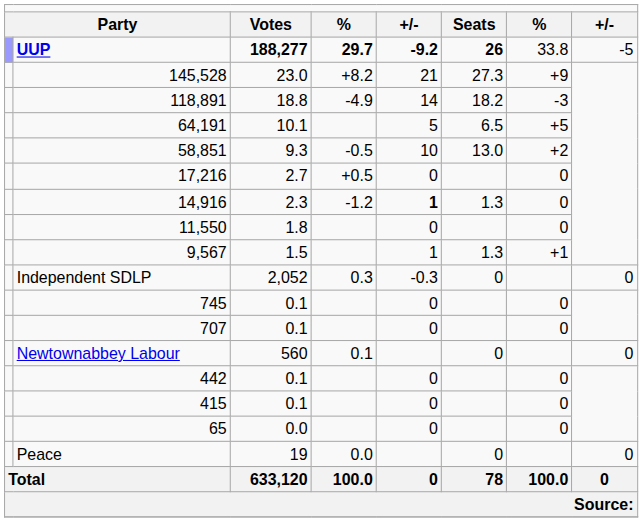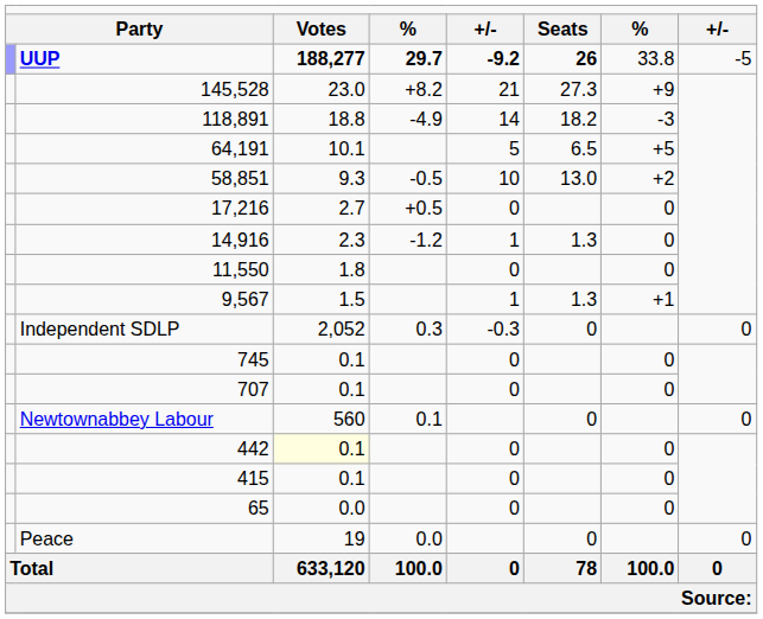 <table class="wikitable" style="font-size:95%;">
 <tr>
 <td colspan=10></td>
 </tr>
 <tr>
 <th style="width:180px;" colspan="2">Party</th>
 <th style="width:70px;">Votes</th>
 <th style="width:55px;">%</th>
 <th style="width:55px;">+/-</th>
 <th style="width:55px;">Seats</th>
 <th style="width:55px;">%</th>
 <th style="width:55px;">+/-</th>
 </tr>
 <tr>
 <td width="1" bgcolor=9999FF></td>
 <th style="text-align:left; font-weight:normal; background:#F9F9F9" colspan="1" width="200"><strong><a href='#'>UUP</a></strong></th>
 <td style="text-align:right;"><strong>188,277</strong></td>
 <td style="text-align:right;"><strong>29.7</strong></td>
 <td style="text-align:right;"><strong>-9.2</strong></td>
 <td style="text-align:right;"><strong>26</strong></td>
 <td style="text-align:right;">33.8</td>
 <td style="text-align:right;">-5</td>
 </tr>
 <tr>
 <td></td>
 <td style="text-align:right;">145,528</td>
 <td style="text-align:right;">23.0</td>
 <td style="text-align:right;">+8.2</td>
 <td style="text-align:right;">21</td>
 <td style="text-align:right;">27.3</td>
 <td style="text-align:right;">+9</td>
 </tr>
 <tr>
 <td></td>
 <td style="text-align:right;">118,891</td>
 <td style="text-align:right;">18.8</td>
 <td style="text-align:right;">-4.9</td>
 <td style="text-align:right;">14</td>
 <td style="text-align:right;">18.2</td>
 <td style="text-align:right;">-3</td>
 </tr>
 <tr>
 <td></td>
 <td style="text-align:right;">64,191</td>
 <td style="text-align:right;">10.1</td>
 <td></td>
 <td style="text-align:right;">5</td>
 <td style="text-align:right;">6.5</td>
 <td style="text-align:right;">+5</td>
 </tr>
 <tr>
 <td></td>
 <td style="text-align:right;">58,851</td>
 <td style="text-align:right;">9.3</td>
 <td style="text-align:right;">-0.5</td>
 <td style="text-align:right;">10</td>
 <td style="text-align:right;">13.0</td>
 <td style="text-align:right;">+2</td>
 </tr>
 <tr>
 <td></td>
 <td style="text-align:right;">17,216</td>
 <td style="text-align:right;">2.7</td>
 <td style="text-align:right;">+0.5</td>
 <td style="text-align:right;">0</td>
 <td></td>
 <td style="text-align:right;">0</td>
 </tr>
 <tr>
 <td></td>
 <td style="text-align:right;">14,916</td>
 <td style="text-align:right;">2.3</td>
 <td style="text-align:right;">-1.2</td>
-<td style="text-align:right;"><strong>1</strong></td>
+<td style="text-align:right;">1</td>
 <td style="text-align:right;">1.3</td>
 <td style="text-align:right;">0</td>
 </tr>
 <tr>
 <td></td>
 <td style="text-align:right;">11,550</td>
 <td style="text-align:right;">1.8</td>
 <td> </td>
 <td style="text-align:right;">0</td>
 <td></td>
 <td style="text-align:right;">0</td>
 </tr>
 <tr>
 <td></td>
 <td style="text-align:right;">9,567</td>
 <td style="text-align:right;">1.5</td>
 <td>   </td>
 <td style="text-align:right;">1</td>
 <td style="text-align:right;">1.3</td>
 <td style="text-align:right;">+1</td>
 </tr>
 <tr>
 <td></td>
 <td>Independent SDLP</td>
 <td style="text-align:right;">2,052</td>
 <td style="text-align:right;">0.3</td>
 <td style="text-align:right;">-0.3</td>
 <td style="text-align:right;">0</td>
 <td></td>
 <td style="text-align:right;">0</td>
 </tr>
 <tr>
 <td></td>
 <td style="text-align:right;">745</td>
 <td style="text-align:right;">0.1</td>
 <td></td>
 <td style="text-align:right;">0</td>
 <td></td>
 <td style="text-align:right;">0</td>
 </tr>
 <tr>
 <td></td>
 <td style="text-align:right;">707</td>
 <td style="text-align:right;">0.1</td>
 <td></td>
 <td style="text-align:right;">0</td>
 <td></td>
 <td style="text-align:right;">0</td>
 </tr>
 <tr>
 <td></td>
 <td><a href='#'>Newtownabbey Labour</a></td>
 <td style="text-align:right;">560</td>
 <td style="text-align:right;">0.1</td>
 <td></td>
 <td style="text-align:right;">0</td>
 <td></td>
 <td style="text-align:right;">0</td>
 </tr>
 <tr>
 <td></td>
 <td style="text-align:right;">442</td>
-<td style="text-align:right;">0.1</td>
+<td style="background: lightyellow; text-align:right;">0.1</td>
 <td></td>
 <td style="text-align:right;">0</td>
 <td></td>
 <td style="text-align:right;">0</td>
 </tr>
 <tr>
 <td></td>
 <td style="text-align:right;">415</td>
 <td style="text-align:right;">0.1</td>
 <td></td>
 <td style="text-align:right;">0</td>
 <td></td>
 <td style="text-align:right;">0</td>
 </tr>
 <tr>
 <td></td>
 <td style="text-align:right;">65</td>
 <td style="text-align:right;">0.0</td>
 <td></td>
 <td style="text-align:right;">0</td>
 <td></td>
 <td style="text-align:right;">0</td>
 </tr>
 <tr>
 <td></td>
 <td>Peace</td>
 <td style="text-align:right;">19</td>
 <td style="text-align:right;">0.0</td>
 <td></td>
 <td style="text-align:right;">0</td>
 <td></td>
 <td style="text-align:right;">0</td>
 </tr>
 <tr>
 <th colspan="2" style="text-align:left;">Total</th>
 <th style="text-align:right;">633,120</th>
 <th style="text-align:right;">100.0</th>
 <th style="text-align:right;">0</th>
 <th style="text-align:right;">78</th>
 <th style="text-align:right;">100.0</th>
 <th>0</th>
 </tr>
 <tr>
 <th colspan="8" style="text-align:right;">Source: </th>
 </tr>
 <tr>
 </tr>
 </table>
